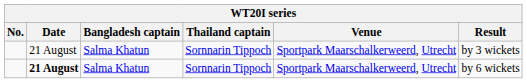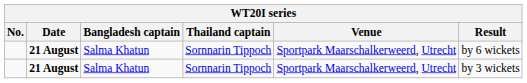 <table class="wikitable">
 <tr>
 <th colspan="8">WT20I series</th>
 </tr>
 <tr>
 <th>No.</th>
 <th>Date</th>
 <th>Bangladesh captain</th>
 <th>Thailand captain</th>
 <th>Venue</th>
 <th>Result</th>
 </tr>
 <tr>
 <td></td>
-<td>21 August</td>
+<td><strong>21 August</strong></td>
 <td><a href='#'>Salma Khatun</a></td>
 <td><a href='#'>Sornnarin Tippoch</a></td>
 <td><a href='#'>Sportpark Maarschalkerweerd</a>, <a href='#'>Utrecht</a></td>
-<td> by 3 wickets</td>
+<td> by 6 wickets</td>
 </tr>
 <tr>
 <td></td>
 <td><strong>21 August</strong></td>
 <td><a href='#'>Salma Khatun</a></td>
 <td><a href='#'>Sornnarin Tippoch</a></td>
 <td><a href='#'>Sportpark Maarschalkerweerd</a>, <a href='#'>Utrecht</a></td>
-<td> by 6 wickets</td>
+<td> by 3 wickets</td>
 </tr>
 </table>
